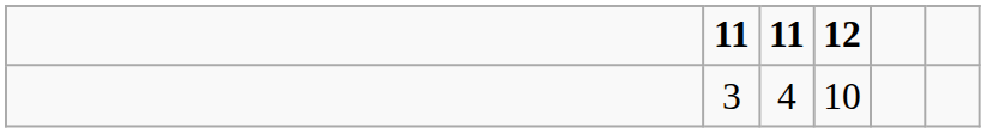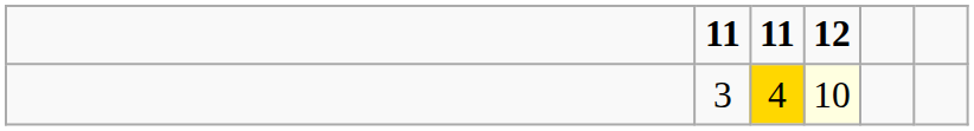 <table class="wikitable">
 <tr>
 <td style="width:18em"><strong></strong></td>
 <td align=center style="width:1em"><strong>11</strong></td>
 <td align=center style="width:1em"><strong>11</strong></td>
 <td align=center style="width:1em"><strong>12</strong></td>
 <td align=center style="width:1em"></td>
 <td align=center style="width:1em"></td>
 </tr>
 <tr>
 <td style="width:18em"></td>
 <td align=center style="width:1em">3</td>
-<td align=center style="width:1em">4</td>
-<td align=center style="width:1em">10</td>
+<td align=center style="background: gold; width:1em">4</td>
+<td align=center style="background: lightyellow; width:1em">10</td>
 <td align=center style="width:1em"></td>
 <td align=center style="width:1em"></td>
 </tr>
 </table>
